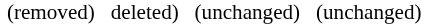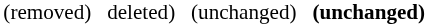 <table border="0" align="center" cellpadding="5" style="text-align: center;">
 <tr>
 <td></td>
 <td></td>
 <td></td>
 <td></td>
 <td></td>
 <td></td>
 </tr>
 <tr>
 <td></td>
 <td>(removed)</td>
 <td> deleted)</td>
 <td>(unchanged)</td>
-<td>(unchanged)</td>
+<td><strong>(unchanged)</strong></td>
 </tr>
 <tr>
 <td></td>
 <td> </td>
 <td></td>
 <td></td>
 <td></td>
 <td></td>
 </tr>
 </table>
